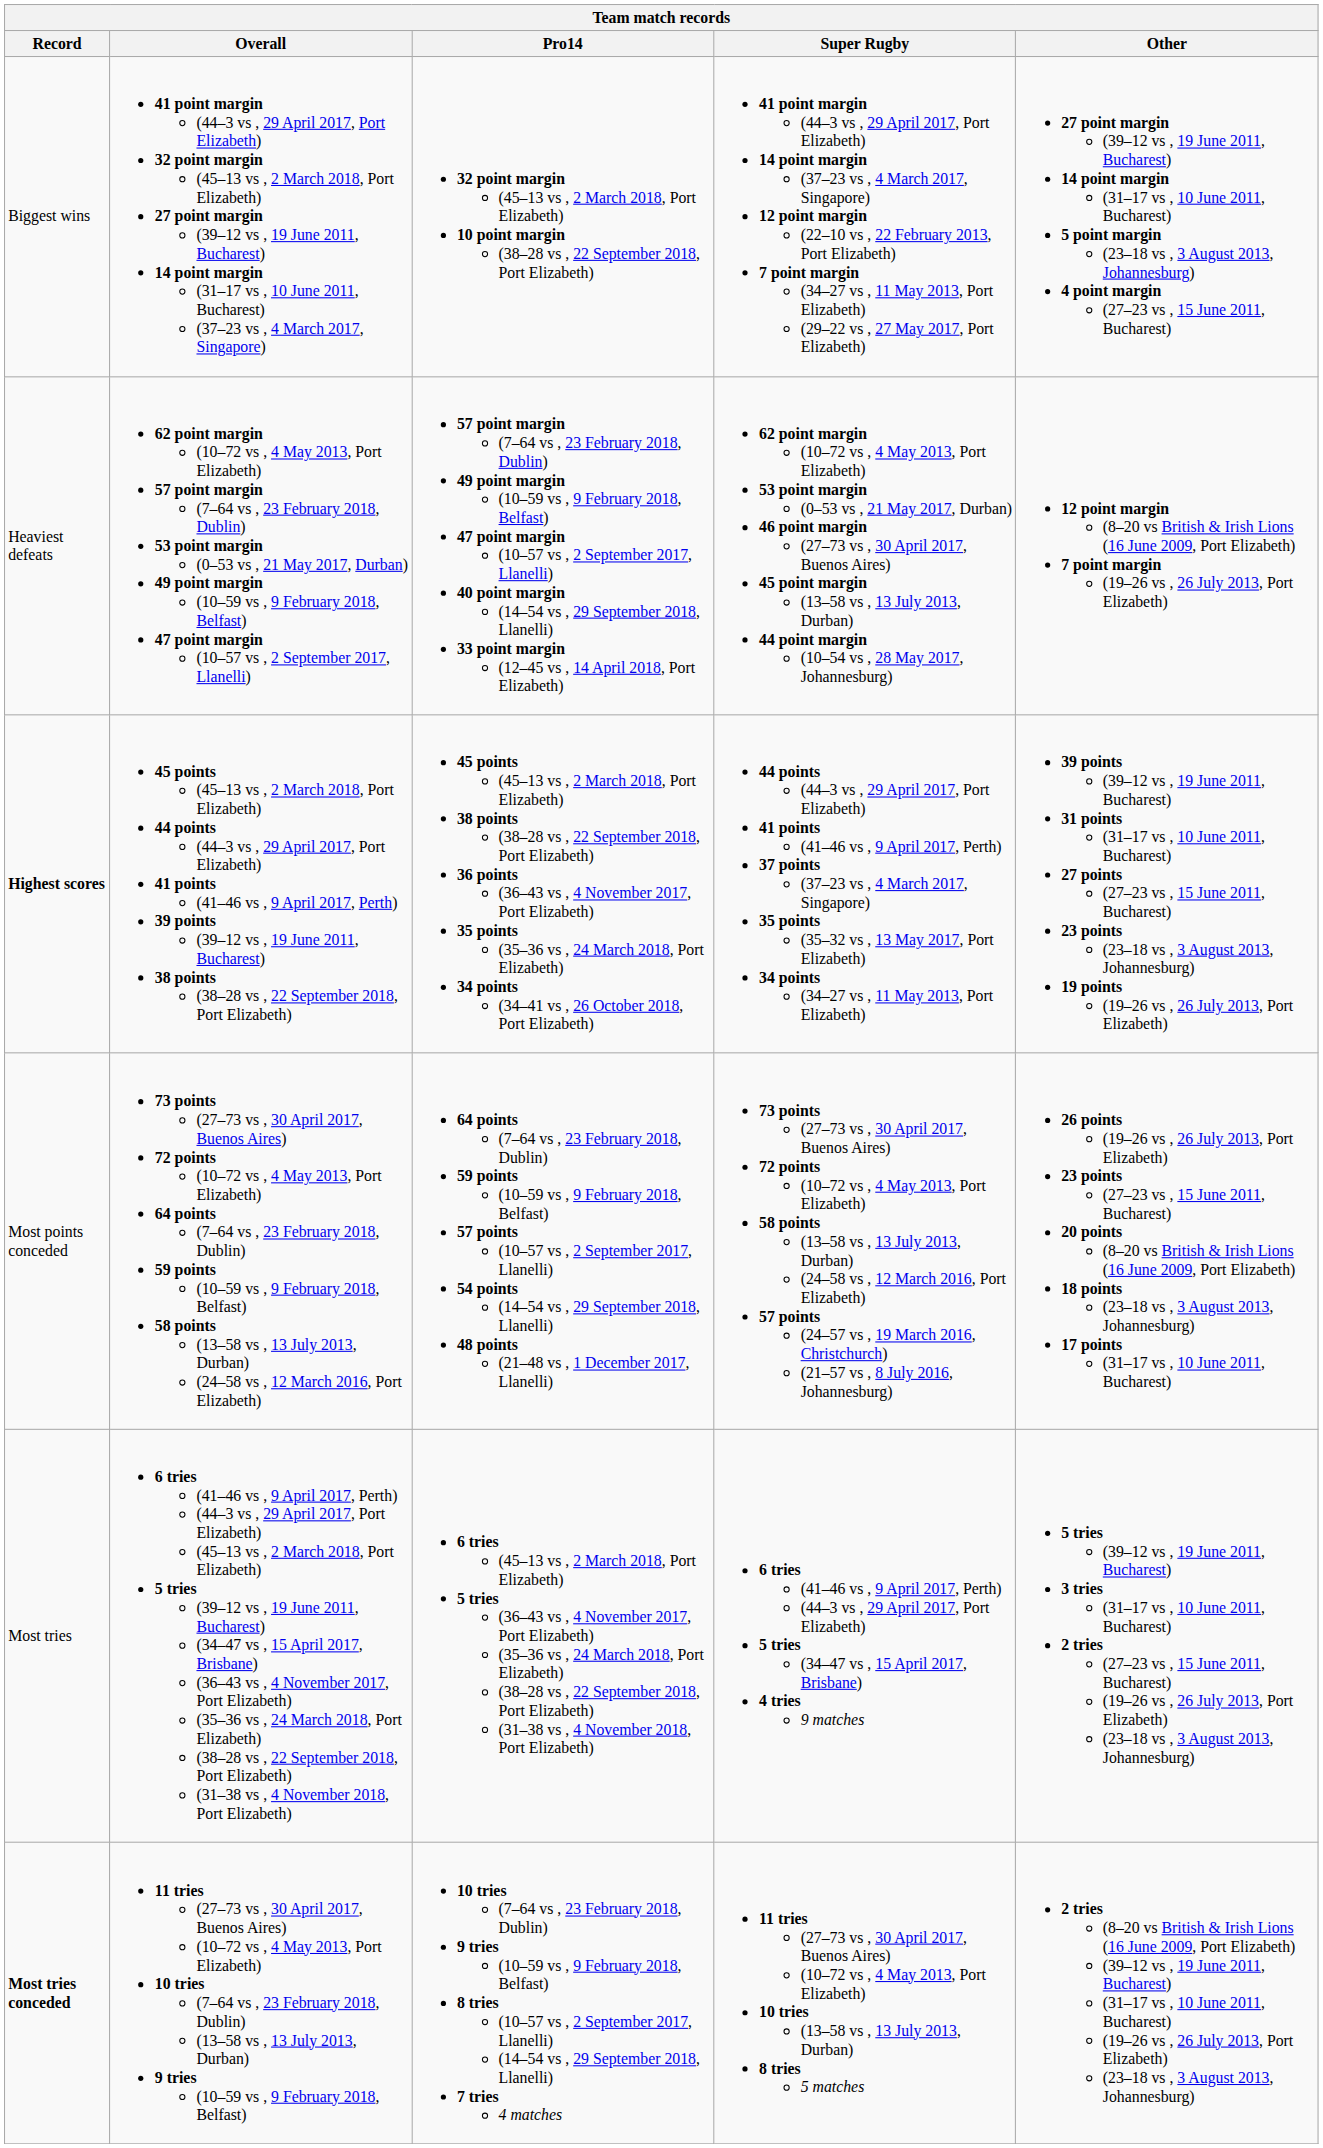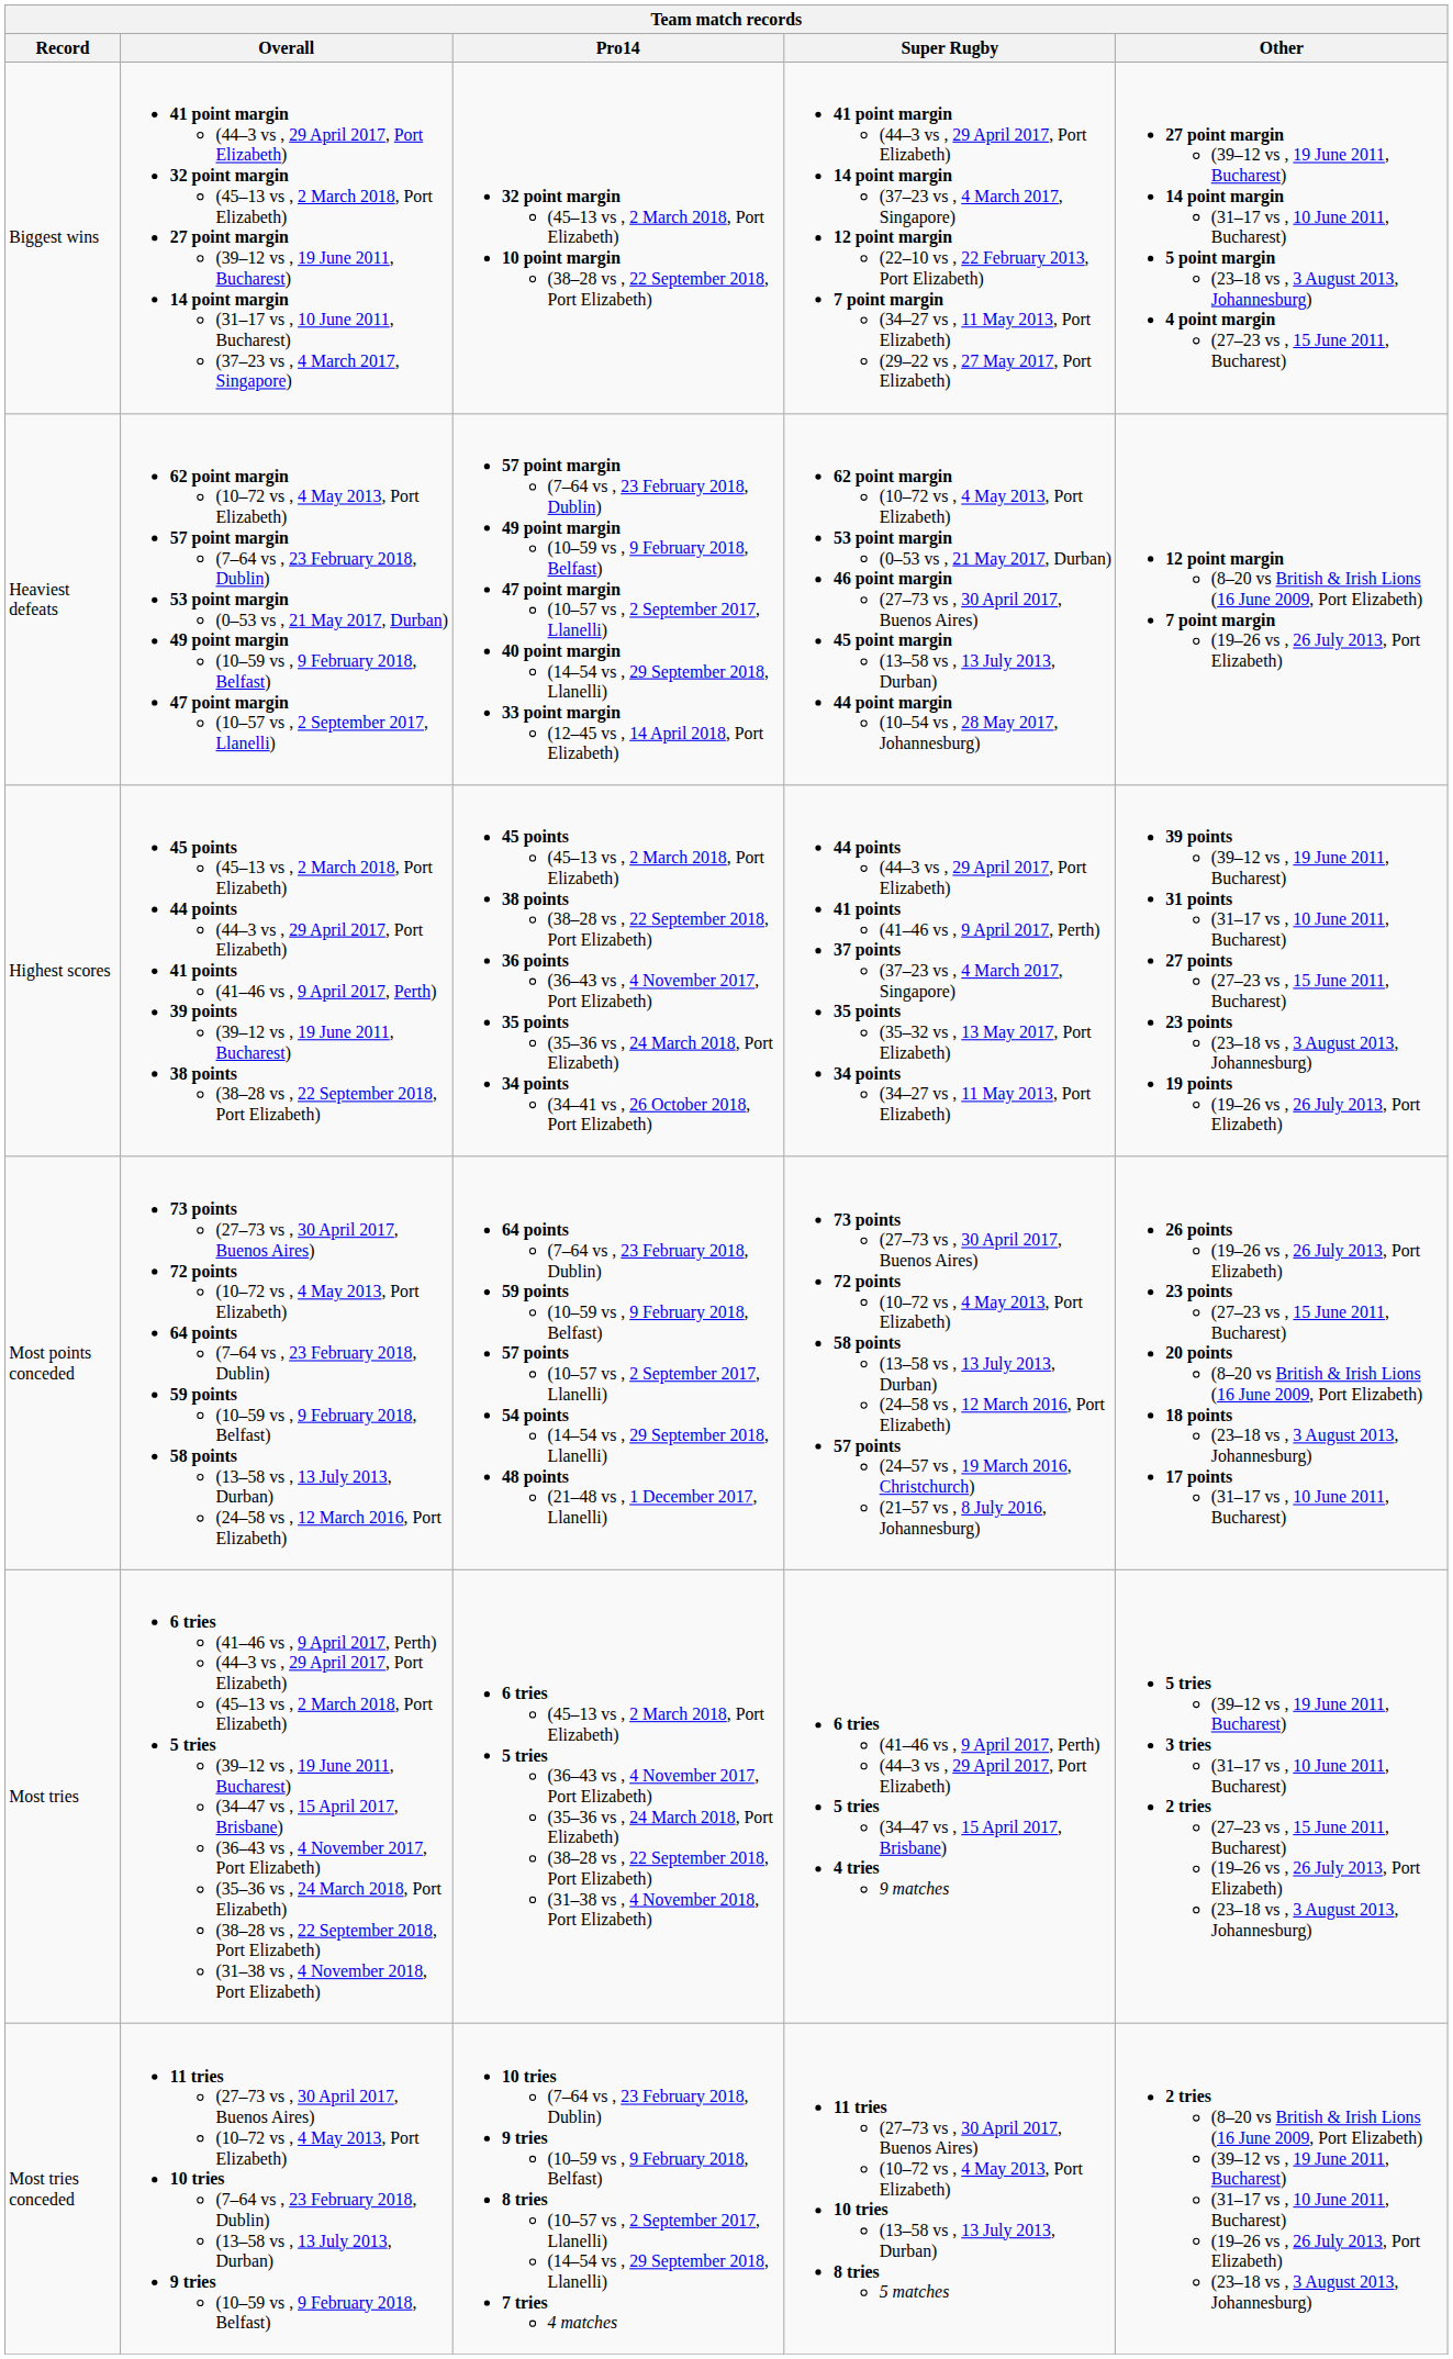 <table class="wikitable" style="text-align:left; font-size:95%; width:100%;">
 <tr>
 <th colspan="5">Team match records</th>
 </tr>
 <tr>
 <th style="width:8%;">Record</th>
 <th style="width:23%;">Overall</th>
 <th style="width:23%;">Pro14</th>
 <th style="width:23%;">Super Rugby</th>
 <th style="width:23%;">Other</th>
 </tr>
 <tr>
 <td>Biggest wins</td>
 <td><br><ul><li><strong>41 point margin</strong><ul><li>(44–3 vs , <a href='#'>29 April 2017</a>, <a href='#'>Port Elizabeth</a>)</li></ul></li><li><strong>32 point margin</strong><ul><li>(45–13 vs , <a href='#'>2 March 2018</a>, Port Elizabeth)</li></ul></li><li><strong>27 point margin</strong><ul><li>(39–12 vs , <a href='#'>19 June 2011</a>, <a href='#'>Bucharest</a>)</li></ul></li><li><strong>14 point margin</strong><ul><li>(31–17 vs , <a href='#'>10 June 2011</a>, Bucharest)</li><li>(37–23 vs , <a href='#'>4 March 2017</a>, <a href='#'>Singapore</a>)</li></ul></li></ul></td>
 <td><br><ul><li><strong>32 point margin</strong><ul><li>(45–13 vs , <a href='#'>2 March 2018</a>, Port Elizabeth)</li></ul></li><li><strong>10 point margin</strong><ul><li>(38–28 vs , <a href='#'>22 September 2018</a>, Port Elizabeth)</li></ul></li></ul></td>
 <td><br><ul><li><strong>41 point margin</strong><ul><li>(44–3 vs , <a href='#'>29 April 2017</a>, Port Elizabeth)</li></ul></li><li><strong>14 point margin</strong><ul><li>(37–23 vs , <a href='#'>4 March 2017</a>, Singapore)</li></ul></li><li><strong>12 point margin</strong><ul><li>(22–10 vs , <a href='#'>22 February 2013</a>, Port Elizabeth)</li></ul></li><li><strong>7 point margin</strong><ul><li>(34–27 vs , <a href='#'>11 May 2013</a>, Port Elizabeth)</li><li>(29–22 vs , <a href='#'>27 May 2017</a>, Port Elizabeth)</li></ul></li></ul></td>
 <td><br><ul><li><strong>27 point margin</strong><ul><li>(39–12 vs , <a href='#'>19 June 2011</a>, <a href='#'>Bucharest</a>)</li></ul></li><li><strong>14 point margin</strong><ul><li>(31–17 vs , <a href='#'>10 June 2011</a>, Bucharest)</li></ul></li><li><strong>5 point margin</strong><ul><li>(23–18 vs , <a href='#'>3 August 2013</a>, <a href='#'>Johannesburg</a>)</li></ul></li><li><strong>4 point margin</strong><ul><li>(27–23 vs , <a href='#'>15 June 2011</a>, Bucharest)</li></ul></li></ul></td>
 </tr>
 <tr>
 <td>Heaviest defeats</td>
 <td><br><ul><li><strong>62 point margin</strong><ul><li>(10–72 vs , <a href='#'>4 May 2013</a>, Port Elizabeth)</li></ul></li><li><strong>57 point margin</strong><ul><li>(7–64 vs , <a href='#'>23 February 2018</a>, <a href='#'>Dublin</a>)</li></ul></li><li><strong>53 point margin</strong><ul><li>(0–53 vs , <a href='#'>21 May 2017</a>, <a href='#'>Durban</a>)</li></ul></li><li><strong>49 point margin</strong><ul><li>(10–59 vs , <a href='#'>9 February 2018</a>, <a href='#'>Belfast</a>)</li></ul></li><li><strong>47 point margin</strong><ul><li>(10–57 vs , <a href='#'>2 September 2017</a>, <a href='#'>Llanelli</a>)</li></ul></li></ul></td>
 <td><br><ul><li><strong>57 point margin</strong><ul><li>(7–64 vs , <a href='#'>23 February 2018</a>, <a href='#'>Dublin</a>)</li></ul></li><li><strong>49 point margin</strong><ul><li>(10–59 vs , <a href='#'>9 February 2018</a>, <a href='#'>Belfast</a>)</li></ul></li><li><strong>47 point margin</strong><ul><li>(10–57 vs , <a href='#'>2 September 2017</a>, <a href='#'>Llanelli</a>)</li></ul></li><li><strong>40 point margin</strong><ul><li>(14–54 vs , <a href='#'>29 September 2018</a>, Llanelli)</li></ul></li><li><strong>33 point margin</strong><ul><li>(12–45 vs , <a href='#'>14 April 2018</a>, Port Elizabeth)</li></ul></li></ul></td>
 <td><br><ul><li><strong>62 point margin</strong><ul><li>(10–72 vs , <a href='#'>4 May 2013</a>, Port Elizabeth)</li></ul></li><li><strong>53 point margin</strong><ul><li>(0–53 vs , <a href='#'>21 May 2017</a>, Durban)</li></ul></li><li><strong>46 point margin</strong><ul><li>(27–73 vs , <a href='#'>30 April 2017</a>, Buenos Aires)</li></ul></li><li><strong>45 point margin</strong><ul><li>(13–58 vs , <a href='#'>13 July 2013</a>, Durban)</li></ul></li><li><strong>44 point margin</strong><ul><li>(10–54 vs , <a href='#'>28 May 2017</a>, Johannesburg)</li></ul></li></ul></td>
 <td><br><ul><li><strong>12 point margin</strong><ul><li>(8–20 vs <a href='#'>British & Irish Lions</a> (<a href='#'>16 June 2009</a>, Port Elizabeth)</li></ul></li><li><strong>7 point margin</strong><ul><li>(19–26 vs , <a href='#'>26 July 2013</a>, Port Elizabeth)</li></ul></li></ul></td>
 </tr>
 <tr>
-<td><strong>Highest scores</strong></td>
+<td>Highest scores</td>
 <td><br><ul><li><strong>45 points</strong><ul><li>(45–13 vs , <a href='#'>2 March 2018</a>, Port Elizabeth)</li></ul></li><li><strong>44 points</strong><ul><li>(44–3 vs , <a href='#'>29 April 2017</a>, Port Elizabeth)</li></ul></li><li><strong>41 points</strong><ul><li>(41–46 vs , <a href='#'>9 April 2017</a>, <a href='#'>Perth</a>)</li></ul></li><li><strong>39 points</strong><ul><li>(39–12 vs , <a href='#'>19 June 2011</a>, <a href='#'>Bucharest</a>)</li></ul></li><li><strong>38 points</strong><ul><li>(38–28 vs , <a href='#'>22 September 2018</a>, Port Elizabeth)</li></ul></li></ul></td>
 <td><br><ul><li><strong>45 points</strong><ul><li>(45–13 vs , <a href='#'>2 March 2018</a>, Port Elizabeth)</li></ul></li><li><strong>38 points</strong><ul><li>(38–28 vs , <a href='#'>22 September 2018</a>, Port Elizabeth)</li></ul></li><li><strong>36 points</strong><ul><li>(36–43 vs , <a href='#'>4 November 2017</a>, Port Elizabeth)</li></ul></li><li><strong>35 points</strong><ul><li>(35–36 vs , <a href='#'>24 March 2018</a>, Port Elizabeth)</li></ul></li><li><strong>34 points</strong><ul><li>(34–41 vs , <a href='#'>26 October 2018</a>, Port Elizabeth)</li></ul></li></ul></td>
 <td><br><ul><li><strong>44 points</strong><ul><li>(44–3 vs , <a href='#'>29 April 2017</a>, Port Elizabeth)</li></ul></li><li><strong>41 points</strong><ul><li>(41–46 vs , <a href='#'>9 April 2017</a>, Perth)</li></ul></li><li><strong>37 points</strong><ul><li>(37–23 vs , <a href='#'>4 March 2017</a>, Singapore)</li></ul></li><li><strong>35 points</strong><ul><li>(35–32 vs , <a href='#'>13 May 2017</a>, Port Elizabeth)</li></ul></li><li><strong>34 points</strong><ul><li>(34–27 vs , <a href='#'>11 May 2013</a>, Port Elizabeth)</li></ul></li></ul></td>
 <td><br><ul><li><strong>39 points</strong><ul><li>(39–12 vs , <a href='#'>19 June 2011</a>, Bucharest)</li></ul></li><li><strong>31 points</strong><ul><li>(31–17 vs , <a href='#'>10 June 2011</a>, Bucharest)</li></ul></li><li><strong>27 points</strong><ul><li>(27–23 vs , <a href='#'>15 June 2011</a>, Bucharest)</li></ul></li><li><strong>23 points</strong><ul><li>(23–18 vs , <a href='#'>3 August 2013</a>, Johannesburg)</li></ul></li><li><strong>19 points</strong><ul><li>(19–26 vs , <a href='#'>26 July 2013</a>, Port Elizabeth)</li></ul></li></ul></td>
 </tr>
 <tr>
 <td>Most points conceded</td>
 <td><br><ul><li><strong>73 points</strong><ul><li>(27–73 vs , <a href='#'>30 April 2017</a>, <a href='#'>Buenos Aires</a>)</li></ul></li><li><strong>72 points</strong><ul><li>(10–72 vs , <a href='#'>4 May 2013</a>, Port Elizabeth)</li></ul></li><li><strong>64 points</strong><ul><li>(7–64 vs , <a href='#'>23 February 2018</a>, Dublin)</li></ul></li><li><strong>59 points</strong><ul><li>(10–59 vs , <a href='#'>9 February 2018</a>, Belfast)</li></ul></li><li><strong>58 points</strong><ul><li>(13–58 vs , <a href='#'>13 July 2013</a>, Durban)</li><li>(24–58 vs , <a href='#'>12 March 2016</a>, Port Elizabeth)</li></ul></li></ul></td>
 <td><br><ul><li><strong>64 points</strong><ul><li>(7–64 vs , <a href='#'>23 February 2018</a>, Dublin)</li></ul></li><li><strong>59 points</strong><ul><li>(10–59 vs , <a href='#'>9 February 2018</a>, Belfast)</li></ul></li><li><strong>57 points</strong><ul><li>(10–57 vs , <a href='#'>2 September 2017</a>, Llanelli)</li></ul></li><li><strong>54 points</strong><ul><li>(14–54 vs , <a href='#'>29 September 2018</a>, Llanelli)</li></ul></li><li><strong>48 points</strong><ul><li>(21–48 vs , <a href='#'>1 December 2017</a>, Llanelli)</li></ul></li></ul></td>
 <td><br><ul><li><strong>73 points</strong><ul><li>(27–73 vs , <a href='#'>30 April 2017</a>, Buenos Aires)</li></ul></li><li><strong>72 points</strong><ul><li>(10–72 vs , <a href='#'>4 May 2013</a>, Port Elizabeth)</li></ul></li><li><strong>58 points</strong><ul><li>(13–58 vs , <a href='#'>13 July 2013</a>, Durban)</li><li>(24–58 vs , <a href='#'>12 March 2016</a>, Port Elizabeth)</li></ul></li><li><strong>57 points</strong><ul><li>(24–57 vs , <a href='#'>19 March 2016</a>, <a href='#'>Christchurch</a>)</li><li>(21–57 vs , <a href='#'>8 July 2016</a>, Johannesburg)</li></ul></li></ul></td>
 <td><br><ul><li><strong>26 points</strong><ul><li>(19–26 vs , <a href='#'>26 July 2013</a>, Port Elizabeth)</li></ul></li><li><strong>23 points</strong><ul><li>(27–23 vs , <a href='#'>15 June 2011</a>, Bucharest)</li></ul></li><li><strong>20 points</strong><ul><li>(8–20 vs <a href='#'>British & Irish Lions</a> (<a href='#'>16 June 2009</a>, Port Elizabeth)</li></ul></li><li><strong>18 points</strong><ul><li>(23–18 vs , <a href='#'>3 August 2013</a>, Johannesburg)</li></ul></li><li><strong>17 points</strong><ul><li>(31–17 vs , <a href='#'>10 June 2011</a>, Bucharest)</li></ul></li></ul></td>
 </tr>
 <tr>
 <td>Most tries</td>
 <td><br><ul><li><strong>6 tries</strong><ul><li>(41–46 vs , <a href='#'>9 April 2017</a>, Perth)</li><li>(44–3 vs , <a href='#'>29 April 2017</a>, Port Elizabeth)</li><li>(45–13 vs , <a href='#'>2 March 2018</a>, Port Elizabeth)</li></ul></li><li><strong>5 tries</strong><ul><li>(39–12 vs , <a href='#'>19 June 2011</a>, <a href='#'>Bucharest</a>)</li><li>(34–47 vs , <a href='#'>15 April 2017</a>, <a href='#'>Brisbane</a>)</li><li>(36–43 vs , <a href='#'>4 November 2017</a>, Port Elizabeth)</li><li>(35–36 vs , <a href='#'>24 March 2018</a>, Port Elizabeth)</li><li>(38–28 vs , <a href='#'>22 September 2018</a>, Port Elizabeth)</li><li>(31–38 vs , <a href='#'>4 November 2018</a>, Port Elizabeth)</li></ul></li></ul></td>
 <td><br><ul><li><strong>6 tries</strong><ul><li>(45–13 vs , <a href='#'>2 March 2018</a>, Port Elizabeth)</li></ul></li><li><strong>5 tries</strong><ul><li>(36–43 vs , <a href='#'>4 November 2017</a>, Port Elizabeth)</li><li>(35–36 vs , <a href='#'>24 March 2018</a>, Port Elizabeth)</li><li>(38–28 vs , <a href='#'>22 September 2018</a>, Port Elizabeth)</li><li>(31–38 vs , <a href='#'>4 November 2018</a>, Port Elizabeth)</li></ul></li></ul></td>
 <td><br><ul><li><strong>6 tries</strong><ul><li>(41–46 vs , <a href='#'>9 April 2017</a>, Perth)</li><li>(44–3 vs , <a href='#'>29 April 2017</a>, Port Elizabeth)</li></ul></li><li><strong>5 tries</strong><ul><li>(34–47 vs , <a href='#'>15 April 2017</a>, <a href='#'>Brisbane</a>)</li></ul></li><li><strong>4 tries</strong><ul><li><em>9 matches</em></li></ul></li></ul></td>
 <td><br><ul><li><strong>5 tries</strong><ul><li>(39–12 vs , <a href='#'>19 June 2011</a>, <a href='#'>Bucharest</a>)</li></ul></li><li><strong>3 tries</strong><ul><li>(31–17 vs , <a href='#'>10 June 2011</a>, Bucharest)</li></ul></li><li><strong>2 tries</strong><ul><li>(27–23 vs , <a href='#'>15 June 2011</a>, Bucharest)</li><li>(19–26 vs , <a href='#'>26 July 2013</a>, Port Elizabeth)</li><li>(23–18 vs , <a href='#'>3 August 2013</a>, Johannesburg)</li></ul></li></ul></td>
 </tr>
 <tr>
-<td><strong>Most tries conceded</strong></td>
+<td>Most tries conceded</td>
 <td><br><ul><li><strong>11 tries</strong><ul><li>(27–73 vs , <a href='#'>30 April 2017</a>, Buenos Aires)</li><li>(10–72 vs , <a href='#'>4 May 2013</a>, Port Elizabeth)</li></ul></li><li><strong>10 tries</strong><ul><li>(7–64 vs , <a href='#'>23 February 2018</a>, Dublin)</li><li>(13–58 vs , <a href='#'>13 July 2013</a>, Durban)</li></ul></li><li><strong>9 tries</strong><ul><li>(10–59 vs , <a href='#'>9 February 2018</a>, Belfast)</li></ul></li></ul></td>
 <td><br><ul><li><strong>10 tries</strong><ul><li>(7–64 vs , <a href='#'>23 February 2018</a>, Dublin)</li></ul></li><li><strong>9 tries</strong><ul><li>(10–59 vs , <a href='#'>9 February 2018</a>, Belfast)</li></ul></li><li><strong>8 tries</strong><ul><li>(10–57 vs , <a href='#'>2 September 2017</a>, Llanelli)</li><li>(14–54 vs , <a href='#'>29 September 2018</a>, Llanelli)</li></ul></li><li><strong>7 tries</strong><ul><li><em>4 matches</em></li></ul></li></ul></td>
 <td><br><ul><li><strong>11 tries</strong><ul><li>(27–73 vs , <a href='#'>30 April 2017</a>, Buenos Aires)</li><li>(10–72 vs , <a href='#'>4 May 2013</a>, Port Elizabeth)</li></ul></li><li><strong>10 tries</strong><ul><li>(13–58 vs , <a href='#'>13 July 2013</a>, Durban)</li></ul></li><li><strong>8 tries</strong><ul><li><em>5 matches</em></li></ul></li></ul></td>
 <td><br><ul><li><strong>2 tries</strong><ul><li>(8–20 vs <a href='#'>British & Irish Lions</a> (<a href='#'>16 June 2009</a>, Port Elizabeth)</li><li>(39–12 vs , <a href='#'>19 June 2011</a>, <a href='#'>Bucharest</a>)</li><li>(31–17 vs , <a href='#'>10 June 2011</a>, Bucharest)</li><li>(19–26 vs , <a href='#'>26 July 2013</a>, Port Elizabeth)</li><li>(23–18 vs , <a href='#'>3 August 2013</a>, Johannesburg)</li></ul></li></ul></td>
 </tr>
 </table>
